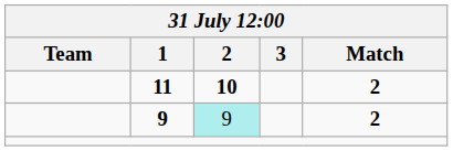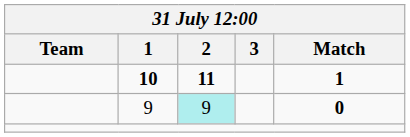 <table class=wikitable style="text-align:center; width: 55%">
 <tr>
 <th colspan=10><em>31 July 12:00</em></th>
 </tr>
 <tr>
 <th>Team</th>
 <th>1</th>
 <th>2</th>
 <th>3</th>
 <th>Match</th>
 </tr>
 <tr>
 <td align=left><strong><br></strong></td>
+<td><strong>10</strong></td>
 <td><strong>11</strong></td>
-<td><strong>10</strong></td>
 <td></td>
-<td><strong>2</strong></td>
+<td><strong>1</strong></td>
 </tr>
 <tr>
 <td align=left><br></td>
-<td><strong>9</strong></td>
+<td>9</td>
 <td style="background: paleturquoise;">9</td>
 <td></td>
-<td><strong>2</strong></td>
+<td><strong>0</strong></td>
 </tr>
 <tr>
 <td colspan=10></td>
 </tr>
 </table>
